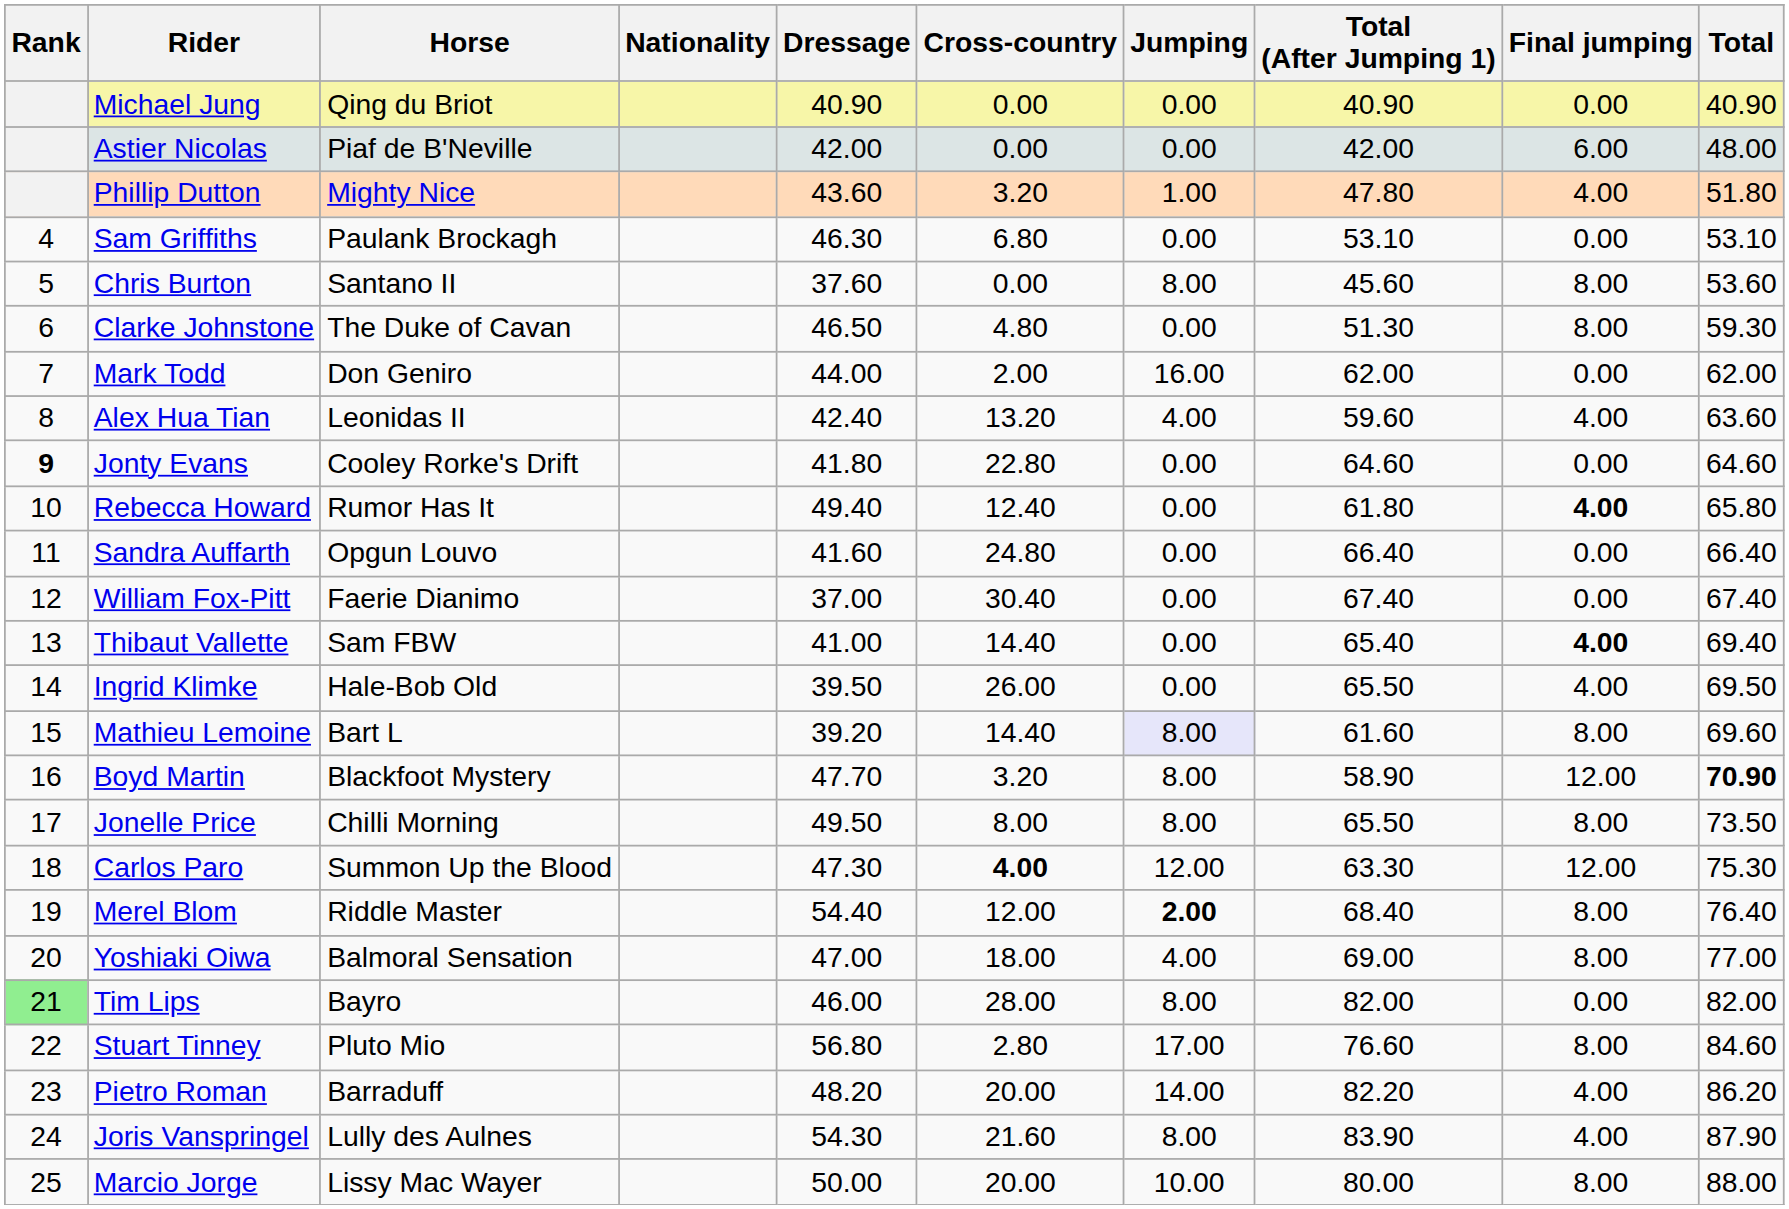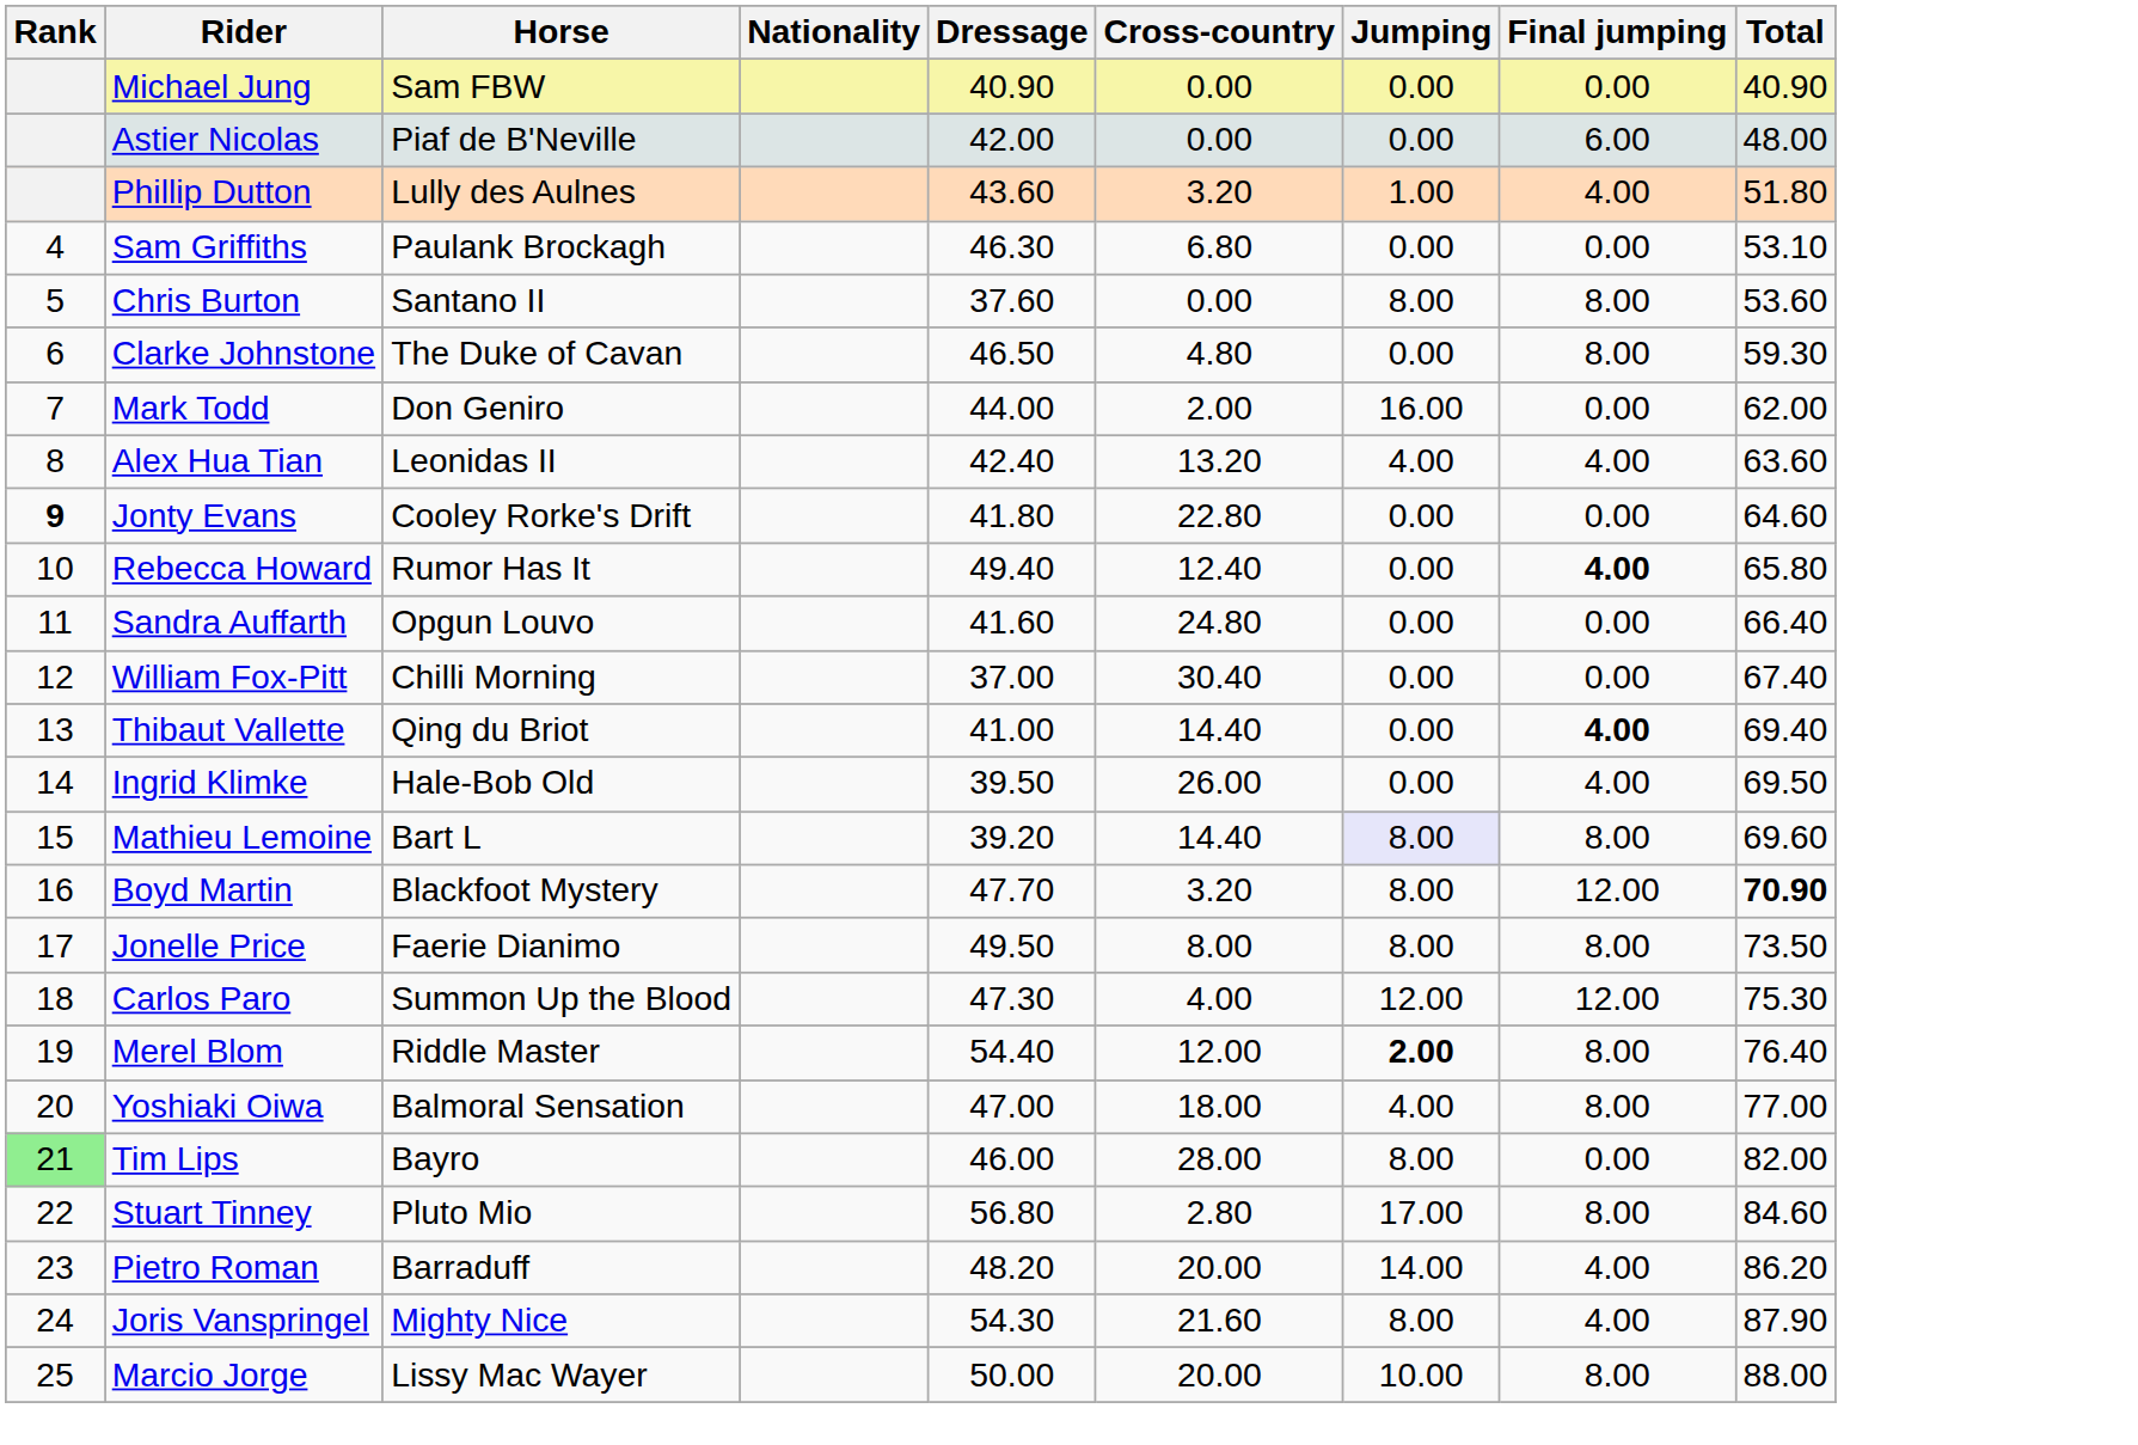 <table class="wikitable sortable" style="text-align:center">
 <tr>
 <th data-sort-type="number">Rank</th>
 <th>Rider</th>
 <th>Horse</th>
 <th>Nationality</th>
 <th>Dressage</th>
 <th>Cross-country</th>
 <th>Jumping</th>
-<th>Total <br> (After Jumping 1)</th>
 <th>Final jumping</th>
 <th>Total</th>
 </tr>
 <tr style="background:#F7F6A8;”">
 <th></th>
 <td align=left><a href='#'>Michael Jung</a></td>
-<td align=left>Qing du Briot</td>
+<td align=left>Sam FBW</td>
 <td align=left></td>
 <td>40.90</td>
 <td>0.00</td>
 <td>0.00</td>
-<td>40.90</td>
 <td>0.00</td>
 <td>40.90</td>
 </tr>
 <tr style="background:#DCE5E5;”">
 <th></th>
 <td align=left><a href='#'>Astier Nicolas</a></td>
 <td align=left>Piaf de B'Neville</td>
 <td align=left></td>
 <td>42.00</td>
 <td>0.00</td>
 <td>0.00</td>
-<td>42.00</td>
 <td>6.00</td>
 <td>48.00</td>
 </tr>
 <tr style="background:#FFDAB9;">
 <th></th>
 <td align=left><a href='#'>Phillip Dutton</a></td>
-<td align=left><a href='#'>Mighty Nice</a></td>
+<td align=left>Lully des Aulnes</td>
 <td align=left></td>
 <td>43.60</td>
 <td>3.20</td>
 <td>1.00</td>
-<td>47.80</td>
 <td>4.00</td>
 <td>51.80</td>
 </tr>
 <tr>
 <td>4</td>
 <td align=left><a href='#'>Sam Griffiths</a></td>
 <td align=left>Paulank Brockagh</td>
 <td align=left></td>
 <td>46.30</td>
 <td>6.80</td>
 <td>0.00</td>
-<td>53.10</td>
 <td>0.00</td>
 <td>53.10</td>
 </tr>
 <tr>
 <td>5</td>
 <td align=left><a href='#'>Chris Burton</a></td>
 <td align=left>Santano II</td>
 <td align=left></td>
 <td>37.60</td>
 <td>0.00</td>
 <td>8.00</td>
-<td>45.60</td>
 <td>8.00</td>
 <td>53.60</td>
 </tr>
 <tr>
 <td>6</td>
 <td align=left><a href='#'>Clarke Johnstone</a></td>
 <td align=left>The Duke of Cavan</td>
 <td align=left></td>
 <td>46.50</td>
 <td>4.80</td>
 <td>0.00</td>
-<td>51.30</td>
 <td>8.00</td>
 <td>59.30</td>
 </tr>
 <tr>
 <td>7</td>
 <td align=left><a href='#'>Mark Todd</a></td>
 <td align=left>Don Geniro</td>
 <td align=left></td>
 <td>44.00</td>
 <td>2.00</td>
 <td>16.00</td>
-<td>62.00</td>
 <td>0.00</td>
 <td>62.00</td>
 </tr>
 <tr>
 <td>8</td>
 <td align=left><a href='#'>Alex Hua Tian</a></td>
 <td align=left>Leonidas II</td>
 <td align=left></td>
 <td>42.40</td>
 <td>13.20</td>
 <td>4.00</td>
-<td>59.60</td>
 <td>4.00</td>
 <td>63.60</td>
 </tr>
 <tr>
 <td><strong>9</strong></td>
 <td align=left><a href='#'>Jonty Evans</a></td>
 <td align=left>Cooley Rorke's Drift</td>
 <td align=left></td>
 <td>41.80</td>
 <td>22.80</td>
 <td>0.00</td>
-<td>64.60</td>
 <td>0.00</td>
 <td>64.60</td>
 </tr>
 <tr>
 <td>10</td>
 <td align=left><a href='#'>Rebecca Howard</a></td>
 <td align=left>Rumor Has It</td>
 <td align=left></td>
 <td>49.40</td>
 <td>12.40</td>
 <td>0.00</td>
-<td>61.80</td>
 <td><strong>4.00</strong></td>
 <td>65.80</td>
 </tr>
 <tr>
 <td>11</td>
 <td align=left><a href='#'>Sandra Auffarth</a></td>
 <td align=left>Opgun Louvo</td>
 <td align=left></td>
 <td>41.60</td>
 <td>24.80</td>
 <td>0.00</td>
-<td>66.40</td>
 <td>0.00</td>
 <td>66.40</td>
 </tr>
 <tr>
 <td>12</td>
 <td align=left><a href='#'>William Fox-Pitt</a></td>
-<td align=left>Faerie Dianimo</td>
+<td align=left>Chilli Morning</td>
 <td align=left></td>
 <td>37.00</td>
 <td>30.40</td>
 <td>0.00</td>
-<td>67.40</td>
 <td>0.00</td>
 <td>67.40</td>
 </tr>
 <tr>
 <td>13</td>
 <td align=left><a href='#'>Thibaut Vallette</a></td>
-<td align=left>Sam FBW</td>
+<td align=left>Qing du Briot</td>
 <td align=left></td>
 <td>41.00</td>
 <td>14.40</td>
 <td>0.00</td>
-<td>65.40</td>
 <td><strong>4.00</strong></td>
 <td>69.40</td>
 </tr>
 <tr>
 <td>14</td>
 <td align=left><a href='#'>Ingrid Klimke</a></td>
 <td align=left>Hale-Bob Old</td>
 <td align=left></td>
 <td>39.50</td>
 <td>26.00</td>
 <td>0.00</td>
-<td>65.50</td>
 <td>4.00</td>
 <td>69.50</td>
 </tr>
 <tr>
 <td>15</td>
 <td align=left><a href='#'>Mathieu Lemoine</a></td>
 <td align=left>Bart L</td>
 <td align=left></td>
 <td>39.20</td>
 <td>14.40</td>
 <td style="background: lavender;">8.00</td>
-<td>61.60</td>
 <td>8.00</td>
 <td>69.60</td>
 </tr>
 <tr>
 <td>16</td>
 <td align=left><a href='#'>Boyd Martin</a></td>
 <td align=left>Blackfoot Mystery</td>
 <td align=left></td>
 <td>47.70</td>
 <td>3.20</td>
 <td>8.00</td>
-<td>58.90</td>
 <td>12.00</td>
 <td><strong>70.90</strong></td>
 </tr>
 <tr>
 <td>17</td>
 <td align=left><a href='#'>Jonelle Price</a></td>
-<td align=left>Chilli Morning</td>
+<td align=left>Faerie Dianimo</td>
 <td align=left></td>
 <td>49.50</td>
 <td>8.00</td>
 <td>8.00</td>
-<td>65.50</td>
 <td>8.00</td>
 <td>73.50</td>
 </tr>
 <tr>
 <td>18</td>
 <td align=left><a href='#'>Carlos Paro</a></td>
 <td align=left>Summon Up the Blood</td>
 <td align=left></td>
 <td>47.30</td>
-<td><strong>4.00</strong></td>
+<td>4.00</td>
 <td>12.00</td>
-<td>63.30</td>
 <td>12.00</td>
 <td>75.30</td>
 </tr>
 <tr>
 <td>19</td>
 <td align=left><a href='#'>Merel Blom</a></td>
 <td align=left>Riddle Master</td>
 <td align=left></td>
 <td>54.40</td>
 <td>12.00</td>
 <td><strong>2.00</strong></td>
-<td>68.40</td>
 <td>8.00</td>
 <td>76.40</td>
 </tr>
 <tr>
 <td>20</td>
 <td align=left><a href='#'>Yoshiaki Oiwa</a></td>
 <td align=left>Balmoral Sensation</td>
 <td align=left></td>
 <td>47.00</td>
 <td>18.00</td>
 <td>4.00</td>
-<td>69.00</td>
 <td>8.00</td>
 <td>77.00</td>
 </tr>
 <tr>
 <td style="background: lightgreen;">21</td>
 <td align=left><a href='#'>Tim Lips</a></td>
 <td align=left>Bayro</td>
 <td align=left></td>
 <td>46.00</td>
 <td>28.00</td>
 <td>8.00</td>
-<td>82.00</td>
 <td>0.00</td>
 <td>82.00</td>
 </tr>
 <tr>
 <td>22</td>
 <td align=left><a href='#'>Stuart Tinney</a></td>
 <td align=left>Pluto Mio</td>
 <td align=left></td>
 <td>56.80</td>
 <td>2.80</td>
 <td>17.00</td>
-<td>76.60</td>
 <td>8.00</td>
 <td>84.60</td>
 </tr>
 <tr>
 <td>23</td>
 <td align=left><a href='#'>Pietro Roman</a></td>
 <td align=left>Barraduff</td>
 <td align=left></td>
 <td>48.20</td>
 <td>20.00</td>
 <td>14.00</td>
-<td>82.20</td>
 <td>4.00</td>
 <td>86.20</td>
 </tr>
 <tr>
 <td>24</td>
 <td align=left><a href='#'>Joris Vanspringel</a></td>
-<td align=left>Lully des Aulnes</td>
+<td align=left><a href='#'>Mighty Nice</a></td>
 <td align=left></td>
 <td>54.30</td>
 <td>21.60</td>
 <td>8.00</td>
-<td>83.90</td>
 <td>4.00</td>
 <td>87.90</td>
 </tr>
 <tr>
 <td>25</td>
 <td align=left><a href='#'>Marcio Jorge</a></td>
 <td align=left>Lissy Mac Wayer</td>
 <td align=left></td>
 <td>50.00</td>
 <td>20.00</td>
 <td>10.00</td>
-<td>80.00</td>
 <td>8.00</td>
 <td>88.00</td>
 </tr>
 </table>
